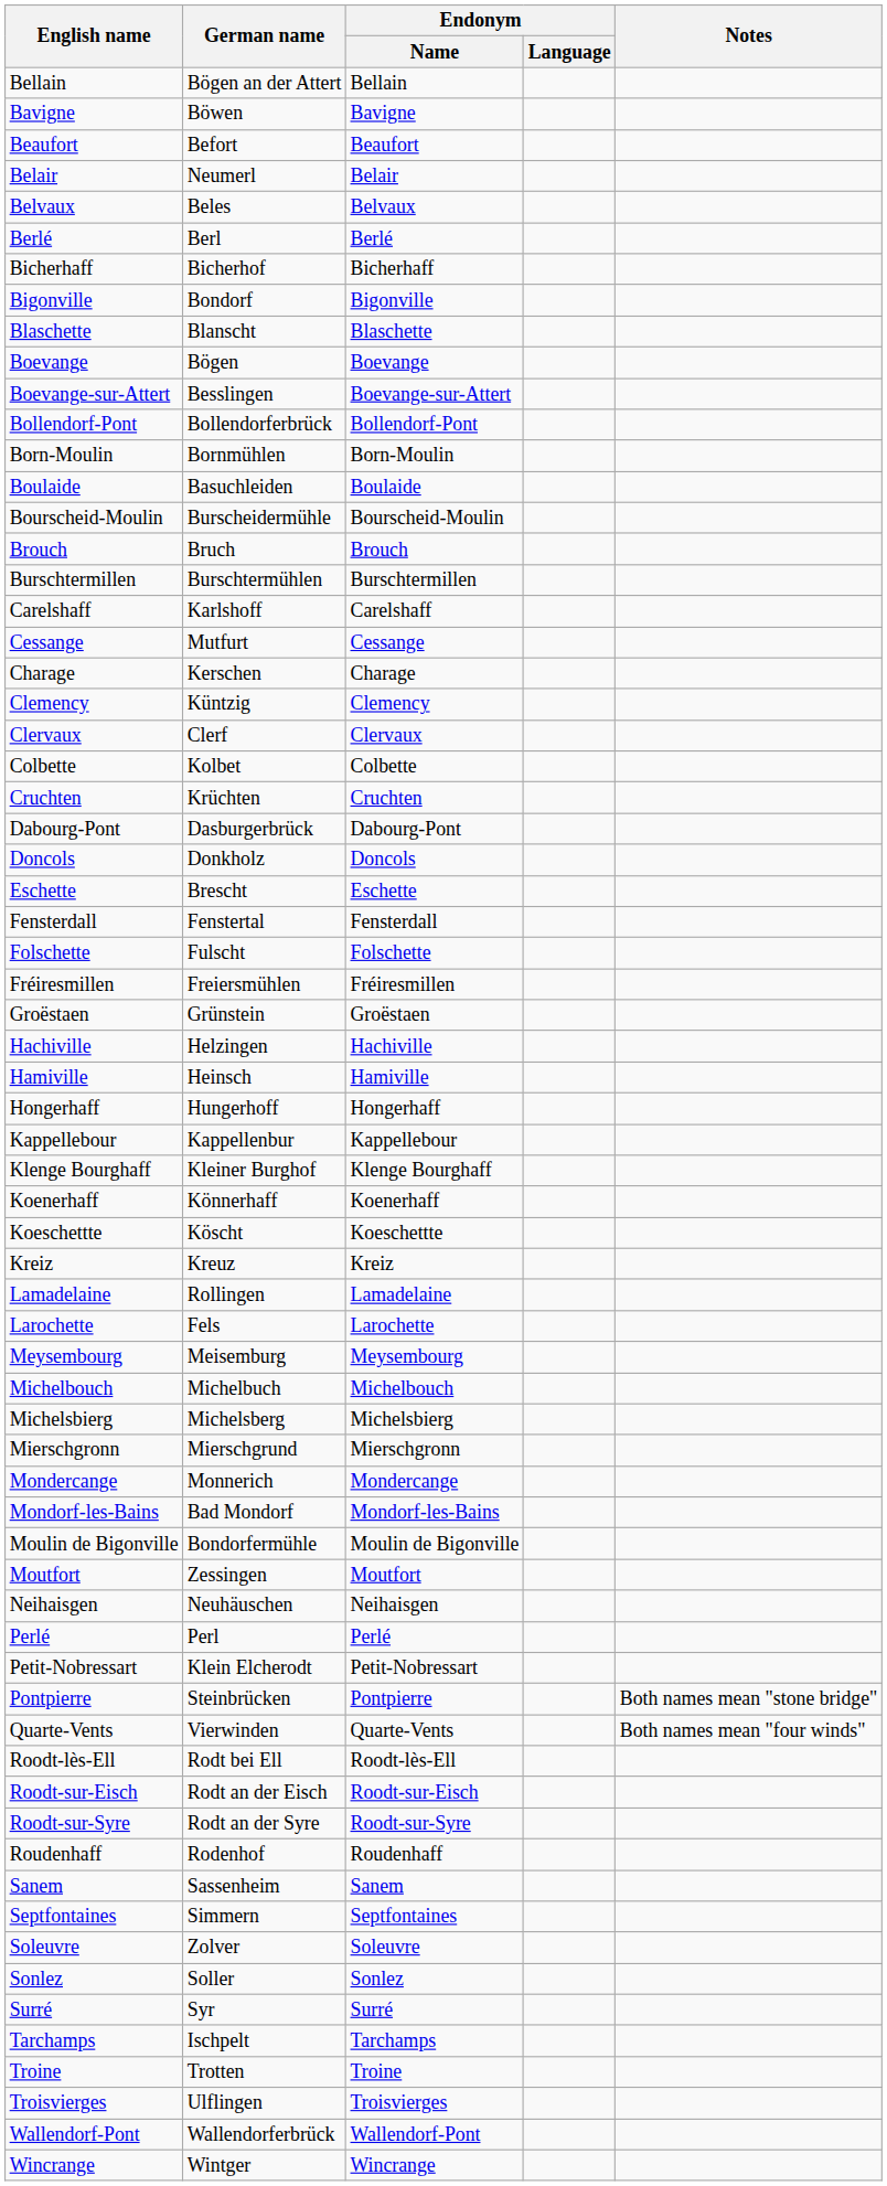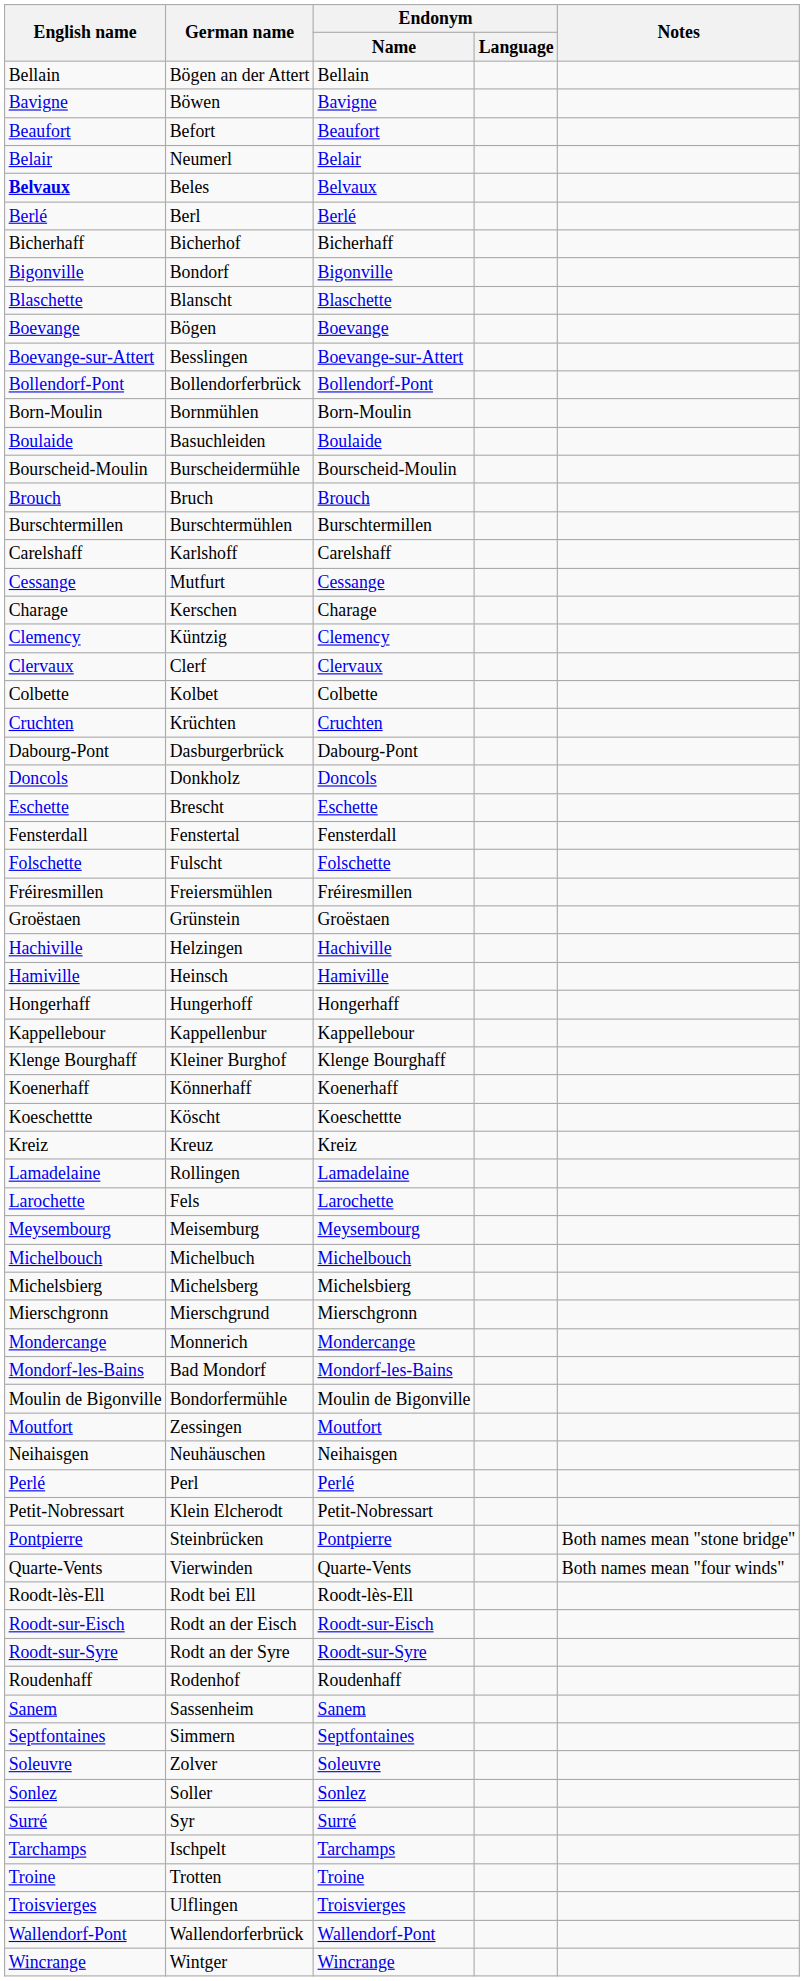 <table class="wikitable sortable mw-collapsible">
 <tr>
 <th rowspan="2">English name</th>
 <th rowspan="2">German name</th>
 <th colspan="2">Endonym</th>
 <th rowspan="2">Notes</th>
 </tr>
 <tr>
 <th>Name</th>
 <th>Language</th>
 </tr>
 <tr>
 <td>Bellain</td>
 <td>Bögen an der Attert</td>
 <td>Bellain</td>
 <td></td>
 <td></td>
 </tr>
 <tr>
 <td><a href='#'>Bavigne</a></td>
 <td>Böwen</td>
 <td><a href='#'>Bavigne</a></td>
 <td></td>
 <td></td>
 </tr>
 <tr>
 <td><a href='#'>Beaufort</a></td>
 <td>Befort</td>
 <td><a href='#'>Beaufort</a></td>
 <td></td>
 <td></td>
 </tr>
 <tr>
 <td><a href='#'>Belair</a></td>
 <td>Neumerl</td>
 <td><a href='#'>Belair</a></td>
 <td></td>
 <td></td>
 </tr>
 <tr>
-<td><a href='#'>Belvaux</a></td>
+<td><strong><a href='#'>Belvaux</a></strong></td>
 <td>Beles</td>
 <td><a href='#'>Belvaux</a></td>
 <td></td>
 <td></td>
 </tr>
 <tr>
 <td><a href='#'>Berlé</a></td>
 <td>Berl</td>
 <td><a href='#'>Berlé</a></td>
 <td></td>
 <td></td>
 </tr>
 <tr>
 <td>Bicherhaff</td>
 <td>Bicherhof</td>
 <td>Bicherhaff</td>
 <td></td>
 <td></td>
 </tr>
 <tr>
 <td><a href='#'>Bigonville</a></td>
 <td>Bondorf</td>
 <td><a href='#'>Bigonville</a></td>
 <td></td>
 <td></td>
 </tr>
 <tr>
 <td><a href='#'>Blaschette</a></td>
 <td>Blanscht</td>
 <td><a href='#'>Blaschette</a></td>
 <td></td>
 <td></td>
 </tr>
 <tr>
 <td><a href='#'>Boevange</a></td>
 <td>Bögen</td>
 <td><a href='#'>Boevange</a></td>
 <td></td>
 <td></td>
 </tr>
 <tr>
 <td><a href='#'>Boevange-sur-Attert</a></td>
 <td>Besslingen</td>
 <td><a href='#'>Boevange-sur-Attert</a></td>
 <td></td>
 <td></td>
 </tr>
 <tr>
 <td><a href='#'>Bollendorf-Pont</a></td>
 <td>Bollendorferbrück</td>
 <td><a href='#'>Bollendorf-Pont</a></td>
 <td></td>
 <td></td>
 </tr>
 <tr>
 <td>Born-Moulin</td>
 <td>Bornmühlen</td>
 <td>Born-Moulin</td>
 <td></td>
 <td></td>
 </tr>
 <tr>
 <td><a href='#'>Boulaide</a></td>
 <td>Basuchleiden</td>
 <td><a href='#'>Boulaide</a></td>
 <td></td>
 <td></td>
 </tr>
 <tr>
 <td>Bourscheid-Moulin</td>
 <td>Burscheidermühle</td>
 <td>Bourscheid-Moulin</td>
 <td></td>
 <td></td>
 </tr>
 <tr>
 <td><a href='#'>Brouch</a></td>
 <td>Bruch</td>
 <td><a href='#'>Brouch</a></td>
 <td></td>
 <td></td>
 </tr>
 <tr>
 <td>Burschtermillen</td>
 <td>Burschtermühlen</td>
 <td>Burschtermillen</td>
 <td></td>
 <td></td>
 </tr>
 <tr>
 <td>Carelshaff</td>
 <td>Karlshoff</td>
 <td>Carelshaff</td>
 <td></td>
 <td></td>
 </tr>
 <tr>
 <td><a href='#'>Cessange</a></td>
 <td>Mutfurt</td>
 <td><a href='#'>Cessange</a></td>
 <td></td>
 <td></td>
 </tr>
 <tr>
 <td>Charage</td>
 <td>Kerschen</td>
 <td>Charage</td>
 <td></td>
 <td></td>
 </tr>
 <tr>
 <td><a href='#'>Clemency</a></td>
 <td>Küntzig</td>
 <td><a href='#'>Clemency</a></td>
 <td></td>
 <td></td>
 </tr>
 <tr>
 <td><a href='#'>Clervaux</a></td>
 <td>Clerf</td>
 <td><a href='#'>Clervaux</a></td>
 <td></td>
 <td></td>
 </tr>
 <tr>
 <td>Colbette</td>
 <td>Kolbet</td>
 <td>Colbette</td>
 <td></td>
 <td></td>
 </tr>
 <tr>
 <td><a href='#'>Cruchten</a></td>
 <td>Krüchten</td>
 <td><a href='#'>Cruchten</a></td>
 <td></td>
 <td></td>
 </tr>
 <tr>
 <td>Dabourg-Pont</td>
 <td>Dasburgerbrück</td>
 <td>Dabourg-Pont</td>
 <td></td>
 <td></td>
 </tr>
 <tr>
 <td><a href='#'>Doncols</a></td>
 <td>Donkholz</td>
 <td><a href='#'>Doncols</a></td>
 <td></td>
 <td></td>
 </tr>
 <tr>
 <td><a href='#'>Eschette</a></td>
 <td>Brescht</td>
 <td><a href='#'>Eschette</a></td>
 <td></td>
 <td></td>
 </tr>
 <tr>
 <td>Fensterdall</td>
 <td>Fenstertal</td>
 <td>Fensterdall</td>
 <td></td>
 <td></td>
 </tr>
 <tr>
 <td><a href='#'>Folschette</a></td>
 <td>Fulscht</td>
 <td><a href='#'>Folschette</a></td>
 <td></td>
 <td></td>
 </tr>
 <tr>
 <td>Fréiresmillen</td>
 <td>Freiersmühlen</td>
 <td>Fréiresmillen</td>
 <td></td>
 <td></td>
 </tr>
 <tr>
 <td>Groëstaen</td>
 <td>Grünstein</td>
 <td>Groëstaen</td>
 <td></td>
 <td></td>
 </tr>
 <tr>
 <td><a href='#'>Hachiville</a></td>
 <td>Helzingen</td>
 <td><a href='#'>Hachiville</a></td>
 <td></td>
 <td></td>
 </tr>
 <tr>
 <td><a href='#'>Hamiville</a></td>
 <td>Heinsch</td>
 <td><a href='#'>Hamiville</a></td>
 <td></td>
 <td></td>
 </tr>
 <tr>
 <td>Hongerhaff</td>
 <td>Hungerhoff</td>
 <td>Hongerhaff</td>
 <td></td>
 <td></td>
 </tr>
 <tr>
 <td>Kappellebour</td>
 <td>Kappellenbur</td>
 <td>Kappellebour</td>
 <td></td>
 <td></td>
 </tr>
 <tr>
 <td>Klenge Bourghaff</td>
 <td>Kleiner Burghof</td>
 <td>Klenge Bourghaff</td>
 <td></td>
 <td></td>
 </tr>
 <tr>
 <td>Koenerhaff</td>
 <td>Könnerhaff</td>
 <td>Koenerhaff</td>
 <td></td>
 <td></td>
 </tr>
 <tr>
 <td>Koeschettte</td>
 <td>Köscht</td>
 <td>Koeschettte</td>
 <td></td>
 <td></td>
 </tr>
 <tr>
 <td>Kreiz</td>
 <td>Kreuz</td>
 <td>Kreiz</td>
 <td></td>
 <td></td>
 </tr>
 <tr>
 <td><a href='#'>Lamadelaine</a></td>
 <td>Rollingen</td>
 <td><a href='#'>Lamadelaine</a></td>
 <td></td>
 <td></td>
 </tr>
 <tr>
 <td><a href='#'>Larochette</a></td>
 <td>Fels</td>
 <td><a href='#'>Larochette</a></td>
 <td></td>
 <td></td>
 </tr>
 <tr>
 <td><a href='#'>Meysembourg</a></td>
 <td>Meisemburg</td>
 <td><a href='#'>Meysembourg</a></td>
 <td></td>
 <td></td>
 </tr>
 <tr>
 <td><a href='#'>Michelbouch</a></td>
 <td>Michelbuch</td>
 <td><a href='#'>Michelbouch</a></td>
 <td></td>
 <td></td>
 </tr>
 <tr>
 <td>Michelsbierg</td>
 <td>Michelsberg</td>
 <td>Michelsbierg</td>
 <td></td>
 <td></td>
 </tr>
 <tr>
 <td>Mierschgronn</td>
 <td>Mierschgrund</td>
 <td>Mierschgronn</td>
 <td></td>
 <td></td>
 </tr>
 <tr>
 <td><a href='#'>Mondercange</a></td>
 <td>Monnerich</td>
 <td><a href='#'>Mondercange</a></td>
 <td></td>
 <td></td>
 </tr>
 <tr>
 <td><a href='#'>Mondorf-les-Bains</a></td>
 <td>Bad Mondorf</td>
 <td><a href='#'>Mondorf-les-Bains</a></td>
 <td></td>
 <td></td>
 </tr>
 <tr>
 <td>Moulin de Bigonville</td>
 <td>Bondorfermühle</td>
 <td>Moulin de Bigonville</td>
 <td></td>
 <td></td>
 </tr>
 <tr>
 <td><a href='#'>Moutfort</a></td>
 <td>Zessingen</td>
 <td><a href='#'>Moutfort</a></td>
 <td></td>
 <td></td>
 </tr>
 <tr>
 <td>Neihaisgen</td>
 <td>Neuhäuschen</td>
 <td>Neihaisgen</td>
 <td></td>
 <td></td>
 </tr>
 <tr>
 <td><a href='#'>Perlé</a></td>
 <td>Perl</td>
 <td><a href='#'>Perlé</a></td>
 <td></td>
 <td></td>
 </tr>
 <tr>
 <td>Petit-Nobressart</td>
 <td>Klein Elcherodt</td>
 <td>Petit-Nobressart</td>
 <td></td>
 <td></td>
 </tr>
 <tr>
 <td><a href='#'>Pontpierre</a></td>
 <td>Steinbrücken</td>
 <td><a href='#'>Pontpierre</a></td>
 <td></td>
 <td>Both names mean "stone bridge"</td>
 </tr>
 <tr>
 <td>Quarte-Vents</td>
 <td>Vierwinden</td>
 <td>Quarte-Vents</td>
 <td></td>
 <td>Both names mean "four winds"</td>
 </tr>
 <tr>
 <td>Roodt-lès-Ell</td>
 <td>Rodt bei Ell</td>
 <td>Roodt-lès-Ell</td>
 <td></td>
 <td></td>
 </tr>
 <tr>
 <td><a href='#'>Roodt-sur-Eisch</a></td>
 <td>Rodt an der Eisch</td>
 <td><a href='#'>Roodt-sur-Eisch</a></td>
 <td></td>
 <td></td>
 </tr>
 <tr>
 <td><a href='#'>Roodt-sur-Syre</a></td>
 <td>Rodt an der Syre</td>
 <td><a href='#'>Roodt-sur-Syre</a></td>
 <td></td>
 <td></td>
 </tr>
 <tr>
 <td>Roudenhaff</td>
 <td>Rodenhof</td>
 <td>Roudenhaff</td>
 <td></td>
 <td></td>
 </tr>
 <tr>
 <td><a href='#'>Sanem</a></td>
 <td>Sassenheim</td>
 <td><a href='#'>Sanem</a></td>
 <td></td>
 <td></td>
 </tr>
 <tr>
 <td><a href='#'>Septfontaines</a></td>
 <td>Simmern</td>
 <td><a href='#'>Septfontaines</a></td>
 <td></td>
 <td></td>
 </tr>
 <tr>
 <td><a href='#'>Soleuvre</a></td>
 <td>Zolver</td>
 <td><a href='#'>Soleuvre</a></td>
 <td></td>
 <td></td>
 </tr>
 <tr>
 <td><a href='#'>Sonlez</a></td>
 <td>Soller</td>
 <td><a href='#'>Sonlez</a></td>
 <td></td>
 <td></td>
 </tr>
 <tr>
 <td><a href='#'>Surré</a></td>
 <td>Syr</td>
 <td><a href='#'>Surré</a></td>
 <td></td>
 <td></td>
 </tr>
 <tr>
 <td><a href='#'>Tarchamps</a></td>
 <td>Ischpelt</td>
 <td><a href='#'>Tarchamps</a></td>
 <td></td>
 <td></td>
 </tr>
 <tr>
 <td><a href='#'>Troine</a></td>
 <td>Trotten</td>
 <td><a href='#'>Troine</a></td>
 <td></td>
 <td></td>
 </tr>
 <tr>
 <td><a href='#'>Troisvierges</a></td>
 <td>Ulflingen</td>
 <td><a href='#'>Troisvierges</a></td>
 <td></td>
 <td></td>
 </tr>
 <tr>
 <td><a href='#'>Wallendorf-Pont</a></td>
 <td>Wallendorferbrück</td>
 <td><a href='#'>Wallendorf-Pont</a></td>
 <td></td>
 <td></td>
 </tr>
 <tr>
 <td><a href='#'>Wincrange</a></td>
 <td>Wintger</td>
 <td><a href='#'>Wincrange</a></td>
 <td></td>
 <td></td>
 </tr>
 </table>
